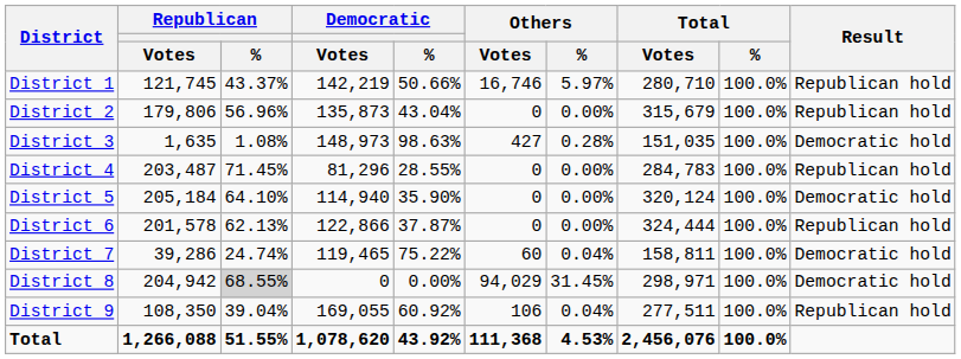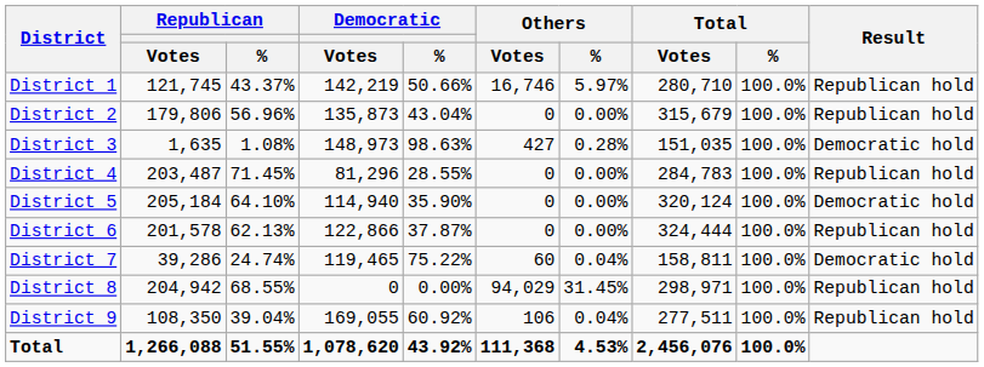 <table class="wikitable plainrowheaders sortable" style="font-size:100%; text-align:right">
 <tr>
 <th scope=col rowspan=3><a href='#'>District</a></th>
 <th scope=col colspan=2><a href='#'>Republican</a></th>
 <th scope=col colspan=2><a href='#'>Democratic</a></th>
 <th scope=col colspan=2 rowspan=2>Others</th>
 <th scope=col colspan=2 rowspan=2>Total</th>
 <th scope=col rowspan=3>Result</th>
 </tr>
 <tr>
 <th scope=col colspan=2 style="background:"></th>
 <th scope=col colspan=2 style="background:"></th>
 </tr>
 <tr>
 <th scope=col data-sort-type="number">Votes</th>
 <th scope=col data-sort-type="number">%</th>
 <th scope=col data-sort-type="number">Votes</th>
 <th scope=col data-sort-type="number">%</th>
 <th scope=col data-sort-type="number">Votes</th>
 <th scope=col data-sort-type="number">%</th>
 <th scope=col data-sort-type="number">Votes</th>
 <th scope=col data-sort-type="number">%</th>
 </tr>
 <tr>
 <td align=left><a href='#'>District 1</a></td>
 <td>121,745</td>
 <td>43.37%</td>
 <td>142,219</td>
 <td>50.66%</td>
 <td>16,746</td>
 <td>5.97%</td>
 <td>280,710</td>
 <td>100.0%</td>
 <td align=left>Republican hold</td>
 </tr>
 <tr>
 <td align=left><a href='#'>District 2</a></td>
 <td>179,806</td>
 <td>56.96%</td>
 <td>135,873</td>
 <td>43.04%</td>
 <td>0</td>
 <td>0.00%</td>
 <td>315,679</td>
 <td>100.0%</td>
 <td align=left>Republican hold</td>
 </tr>
 <tr>
 <td align=left><a href='#'>District 3</a></td>
 <td>1,635</td>
 <td>1.08%</td>
 <td>148,973</td>
 <td>98.63%</td>
 <td>427</td>
 <td>0.28%</td>
 <td>151,035</td>
 <td>100.0%</td>
 <td align=left>Democratic hold</td>
 </tr>
 <tr>
 <td align=left><a href='#'>District 4</a></td>
 <td>203,487</td>
 <td>71.45%</td>
 <td>81,296</td>
 <td>28.55%</td>
 <td>0</td>
 <td>0.00%</td>
 <td>284,783</td>
 <td>100.0%</td>
 <td align=left>Republican hold</td>
 </tr>
 <tr>
 <td align=left><a href='#'>District 5</a></td>
 <td>205,184</td>
 <td>64.10%</td>
 <td>114,940</td>
 <td>35.90%</td>
 <td>0</td>
 <td>0.00%</td>
 <td>320,124</td>
 <td>100.0%</td>
 <td align=left>Democratic hold</td>
 </tr>
 <tr>
 <td align=left><a href='#'>District 6</a></td>
 <td>201,578</td>
 <td>62.13%</td>
 <td>122,866</td>
 <td>37.87%</td>
 <td>0</td>
 <td>0.00%</td>
 <td>324,444</td>
 <td>100.0%</td>
 <td align=left>Republican hold</td>
 </tr>
 <tr>
 <td align=left><a href='#'>District 7</a></td>
 <td>39,286</td>
 <td>24.74%</td>
 <td>119,465</td>
 <td>75.22%</td>
 <td>60</td>
 <td>0.04%</td>
 <td>158,811</td>
 <td>100.0%</td>
 <td align=left>Democratic hold</td>
 </tr>
 <tr>
 <td align=left><a href='#'>District 8</a></td>
 <td>204,942</td>
-<td style="background: lightgrey;">68.55%</td>
+<td>68.55%</td>
 <td>0</td>
 <td>0.00%</td>
 <td>94,029</td>
 <td>31.45%</td>
 <td>298,971</td>
 <td>100.0%</td>
-<td align=left>Democratic hold</td>
+<td align=left>Republican hold</td>
 </tr>
 <tr>
 <td align=left><a href='#'>District 9</a></td>
 <td>108,350</td>
 <td>39.04%</td>
 <td>169,055</td>
 <td>60.92%</td>
 <td>106</td>
 <td>0.04%</td>
 <td>277,511</td>
 <td>100.0%</td>
 <td align=left>Republican hold</td>
 </tr>
 <tr class="sortbottom" style="font-weight:bold">
 <td align=left>Total</td>
 <td>1,266,088</td>
 <td>51.55%</td>
 <td>1,078,620</td>
 <td>43.92%</td>
 <td>111,368</td>
 <td>4.53%</td>
 <td>2,456,076</td>
 <td>100.0%</td>
 <td></td>
 </tr>
 </table>
